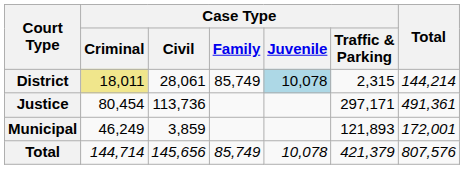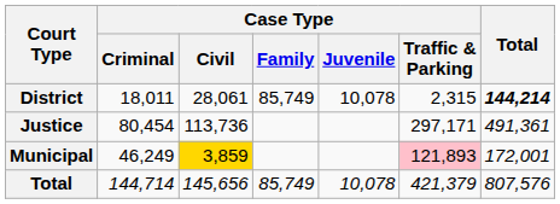 <table class="wikitable" style="text-align: right;">
 <tr>
 <th rowspan=2>Court<br>Type</th>
 <th colspan=5>Case Type</th>
 <th rowspan=2>Total</th>
 </tr>
 <tr>
 <th>Criminal<br></th>
 <th>Civil</th>
 <th><a href='#'>Family</a></th>
 <th><a href='#'>Juvenile</a></th>
 <th>Traffic &<br>Parking</th>
 </tr>
 <tr>
 <th>District</th>
-<td style="background: khaki;">18,011</td>
+<td>18,011</td>
 <td>28,061</td>
 <td>85,749</td>
-<td style="background: lightblue;">10,078</td>
+<td>10,078</td>
 <td>2,315</td>
-<td><em>144,214</em></td>
+<td><strong><em>144,214</em></strong></td>
 </tr>
 <tr>
 <th>Justice</th>
 <td>80,454</td>
 <td>113,736</td>
 <td></td>
 <td></td>
 <td>297,171</td>
 <td><em>491,361</em></td>
 </tr>
 <tr>
 <th>Municipal</th>
 <td>46,249</td>
-<td>3,859</td>
+<td style="background: gold;">3,859</td>
 <td></td>
 <td></td>
-<td>121,893</td>
+<td style="background: pink;">121,893</td>
 <td><em>172,001</em></td>
 </tr>
 <tr>
 <th>Total</th>
 <td><em>144,714</em></td>
 <td><em>145,656</em></td>
 <td><em>85,749</em></td>
 <td><em>10,078</em></td>
 <td><em>421,379</em></td>
 <td><em>807,576</em></td>
 </tr>
 </table>
